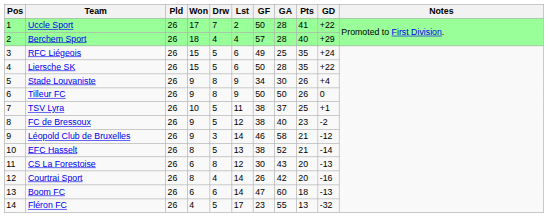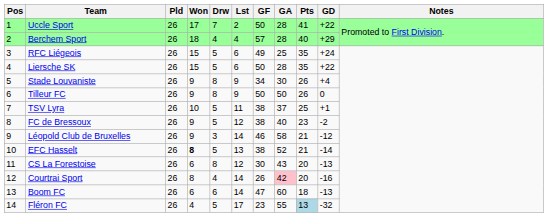 <table class="wikitable" width=70% style="font-size:90%">
 <tr>
 <th width=4%><strong>Pos</strong></th>
 <th width=26%><strong>Team</strong></th>
 <th width=4%><strong>Pld</strong></th>
 <th width=4%><strong>Won</strong></th>
 <th width=4%><strong>Drw</strong></th>
 <th width=4%><strong>Lst</strong></th>
 <th width=4%><strong>GF</strong></th>
 <th width=4%><strong>GA</strong></th>
 <th width=4%><strong>Pts</strong></th>
 <th width=4%><strong>GD</strong></th>
 <th width=38%><strong>Notes</strong></th>
 </tr>
 <tr bgcolor=#99ff99>
 <td>1</td>
 <td><a href='#'>Uccle Sport</a></td>
 <td>26</td>
 <td>17</td>
 <td>7</td>
 <td>2</td>
 <td>50</td>
 <td>28</td>
 <td>41</td>
 <td>+22</td>
 <td rowspan=2>Promoted to <a href='#'>First Division</a>.</td>
 </tr>
 <tr bgcolor=#99ff99>
 <td>2</td>
 <td><a href='#'>Berchem Sport</a></td>
 <td>26</td>
 <td>18</td>
 <td>4</td>
 <td>4</td>
 <td>57</td>
 <td>28</td>
 <td>40</td>
 <td>+29</td>
 </tr>
 <tr>
 <td>3</td>
 <td><a href='#'>RFC Liégeois</a></td>
 <td>26</td>
 <td>15</td>
 <td>5</td>
 <td>6</td>
 <td>49</td>
 <td>25</td>
 <td>35</td>
 <td>+24</td>
 </tr>
 <tr>
 <td>4</td>
 <td><a href='#'>Liersche SK</a></td>
 <td>26</td>
 <td>15</td>
 <td>5</td>
 <td>6</td>
 <td>50</td>
 <td>28</td>
 <td>35</td>
 <td>+22</td>
 </tr>
 <tr>
 <td>5</td>
 <td><a href='#'>Stade Louvaniste</a></td>
 <td>26</td>
 <td>9</td>
 <td>8</td>
 <td>9</td>
 <td>34</td>
 <td>30</td>
 <td>26</td>
 <td>+4</td>
 </tr>
 <tr>
 <td>6</td>
 <td><a href='#'>Tilleur FC</a></td>
 <td>26</td>
 <td>9</td>
 <td>8</td>
 <td>9</td>
 <td>50</td>
 <td>50</td>
 <td>26</td>
 <td>0</td>
 </tr>
 <tr>
 <td>7</td>
 <td><a href='#'>TSV Lyra</a></td>
 <td>26</td>
 <td>10</td>
 <td>5</td>
 <td>11</td>
 <td>38</td>
 <td>37</td>
 <td>25</td>
 <td>+1</td>
 </tr>
 <tr>
 <td>8</td>
 <td><a href='#'>FC de Bressoux</a></td>
 <td>26</td>
 <td>9</td>
 <td>5</td>
 <td>12</td>
 <td>38</td>
 <td>40</td>
 <td>23</td>
 <td>-2</td>
 </tr>
 <tr>
 <td>9</td>
 <td><a href='#'>Léopold Club de Bruxelles</a></td>
 <td>26</td>
 <td>9</td>
 <td>3</td>
 <td>14</td>
 <td>46</td>
 <td>58</td>
 <td>21</td>
 <td>-12</td>
 </tr>
 <tr>
 <td>10</td>
 <td><a href='#'>EFC Hasselt</a></td>
 <td>26</td>
-<td>8</td>
+<td><strong>8</strong></td>
 <td>5</td>
 <td>13</td>
 <td>38</td>
 <td>52</td>
 <td>21</td>
 <td>-14</td>
 </tr>
 <tr>
 <td>11</td>
 <td><a href='#'>CS La Forestoise</a></td>
 <td>26</td>
 <td>6</td>
 <td>8</td>
 <td>12</td>
 <td>30</td>
 <td>43</td>
 <td>20</td>
 <td>-13</td>
 </tr>
 <tr>
 <td>12</td>
 <td><a href='#'>Courtrai Sport</a></td>
 <td>26</td>
 <td>8</td>
 <td>4</td>
 <td>14</td>
 <td>26</td>
-<td>42</td>
+<td style="background: pink;">42</td>
 <td>20</td>
 <td>-16</td>
 </tr>
 <tr>
 <td>13</td>
 <td><a href='#'>Boom FC</a></td>
 <td>26</td>
 <td>6</td>
 <td>6</td>
 <td>14</td>
 <td>47</td>
 <td>60</td>
 <td>18</td>
 <td>-13</td>
 </tr>
 <tr>
 <td>14</td>
 <td><a href='#'>Fléron FC</a></td>
 <td>26</td>
 <td>4</td>
 <td>5</td>
 <td>17</td>
 <td>23</td>
 <td>55</td>
-<td>13</td>
+<td style="background: lightblue;">13</td>
 <td>-32</td>
 </tr>
 </table>
